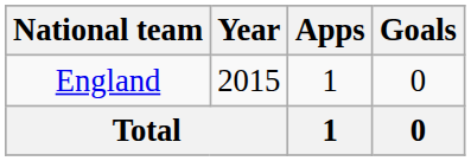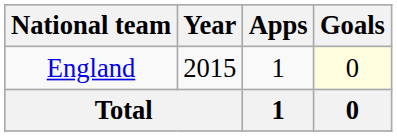 <table class=wikitable style="text-align:center">
 <tr>
 <th>National team</th>
 <th>Year</th>
 <th>Apps</th>
 <th>Goals</th>
 </tr>
 <tr>
 <td><a href='#'>England</a></td>
 <td>2015</td>
 <td>1</td>
-<td>0</td>
+<td style="background: lightyellow;">0</td>
 </tr>
 <tr>
 <th colspan=2>Total</th>
 <th>1</th>
 <th>0</th>
 </tr>
 </table>
